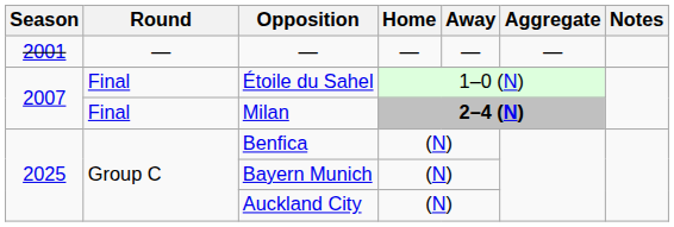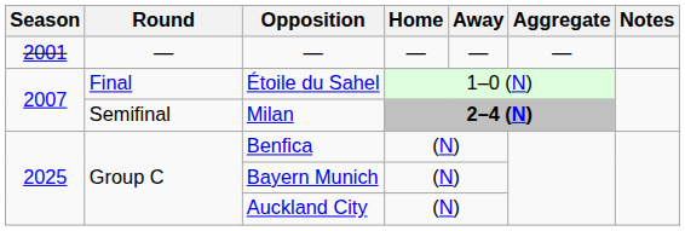 <table class="wikitable sortable ">
 <tr>
 <th align=center>Season</th>
 <th width=120>Round</th>
 <th>Opposition</th>
 <th>Home</th>
 <th>Away</th>
 <th>Aggregate</th>
 <th>Notes</th>
 </tr>
 <tr>
 <td align=center><s><a href='#'>2001</a></s></td>
 <td style="text-align:center;">—</td>
 <td style="text-align:center;">—</td>
 <td style="text-align:center;">—</td>
 <td style="text-align:center;">—</td>
 <td style="text-align:center;">—</td>
 <td style="text-align:center;"></td>
 </tr>
 <tr>
 <td align=center rowspan=3><a href='#'>2007</a></td>
 </tr>
 <tr>
 <td><a href='#'>Final</a></td>
 <td> <a href='#'>Étoile du Sahel</a></td>
 <td colspan="3" style="text-align:center; background:#dfd;">1–0 (<a href='#'>N</a>)</td>
 <td rowspan=2 style="text-align:center;"></td>
 </tr>
 <tr>
-<td><a href='#'>Final</a></td>
+<td>Semifinal</td>
 <td> <a href='#'>Milan</a></td>
 <td bgcolor=silver colspan="3" style="text-align:center;"><strong>2–4 (<a href='#'>N</a>)</strong></td>
 </tr>
 <tr>
 <td align=center rowspan="7"><a href='#'>2025</a></td>
 <td rowspan="3">Group C</td>
 <td> <a href='#'>Benfica</a></td>
 <td colspan="2" style="text-align:center; background:">(<a href='#'>N</a>)</td>
 <td rowspan=3 style="text-align:center;"></td>
 <td rowspan="7"></td>
 </tr>
 <tr>
 <td> <a href='#'>Bayern Munich</a></td>
 <td colspan="2" style="text-align:center; background:">(<a href='#'>N</a>)</td>
 </tr>
 <tr>
 <td> <a href='#'>Auckland City</a></td>
 <td colspan="2" style="text-align:center; background:">(<a href='#'>N</a>)</td>
 </tr>
 </table>
